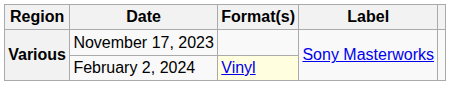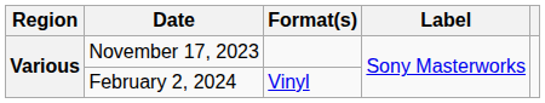 <table class="wikitable plainrowheaders">
 <tr>
 <th scope="col">Region</th>
 <th scope="col">Date</th>
 <th scope="col">Format(s)</th>
 <th scope="col">Label</th>
 <th scope="col"></th>
 </tr>
 <tr>
 <th rowspan="2" scope="row">Various</th>
 <td>November 17, 2023</td>
 <td></td>
 <td rowspan="2"><a href='#'>Sony Masterworks</a></td>
 <td rowspan="2" align="center"></td>
 </tr>
 <tr>
 <td>February 2, 2024</td>
-<td style="background: lightyellow;"><a href='#'>Vinyl</a></td>
+<td><a href='#'>Vinyl</a></td>
 </tr>
 </table>
